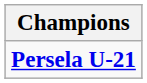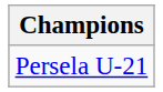 <table class="wikitable" style="text-align: center; margin: 0 auto;">
 <tr>
 <th>Champions</th>
 </tr>
 <tr>
-<td><strong><a href='#'>Persela U-21</a></strong></td>
+<td><a href='#'>Persela U-21</a></td>
 </tr>
 </table>
